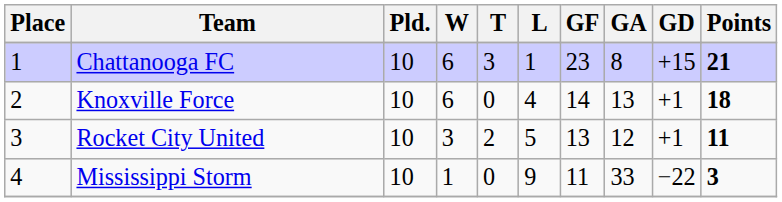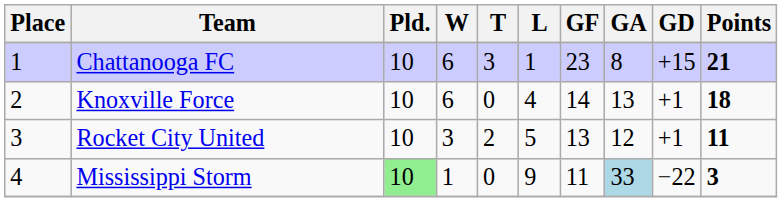 <table class="wikitable">
 <tr>
 <th>Place</th>
 <th width="200">Team</th>
 <th width="20">Pld.</th>
 <th width="20">W</th>
 <th width="20">T</th>
 <th width="20">L</th>
 <th width="20">GF</th>
 <th width="20">GA</th>
 <th width="25">GD</th>
 <th>Points</th>
 </tr>
 <tr>
 </tr>
 <tr bgcolor=#CCCCFF>
 <td>1</td>
 <td><a href='#'>Chattanooga FC</a></td>
 <td>10</td>
 <td>6</td>
 <td>3</td>
 <td>1</td>
 <td>23</td>
 <td>8</td>
 <td>+15</td>
 <td><strong>21</strong></td>
 </tr>
 <tr>
 <td>2</td>
 <td><a href='#'>Knoxville Force</a></td>
 <td>10</td>
 <td>6</td>
 <td>0</td>
 <td>4</td>
 <td>14</td>
 <td>13</td>
 <td>+1</td>
 <td><strong>18</strong></td>
 </tr>
 <tr>
 <td>3</td>
 <td><a href='#'>Rocket City United</a></td>
 <td>10</td>
 <td>3</td>
 <td>2</td>
 <td>5</td>
 <td>13</td>
 <td>12</td>
 <td>+1</td>
 <td><strong>11</strong></td>
 </tr>
 <tr>
 <td>4</td>
 <td><a href='#'>Mississippi Storm</a></td>
-<td>10</td>
+<td style="background: lightgreen;">10</td>
 <td>1</td>
 <td>0</td>
 <td>9</td>
 <td>11</td>
-<td>33</td>
+<td style="background: lightblue;">33</td>
 <td>−22</td>
 <td><strong>3</strong></td>
 </tr>
 <tr>
 </tr>
 </table>
